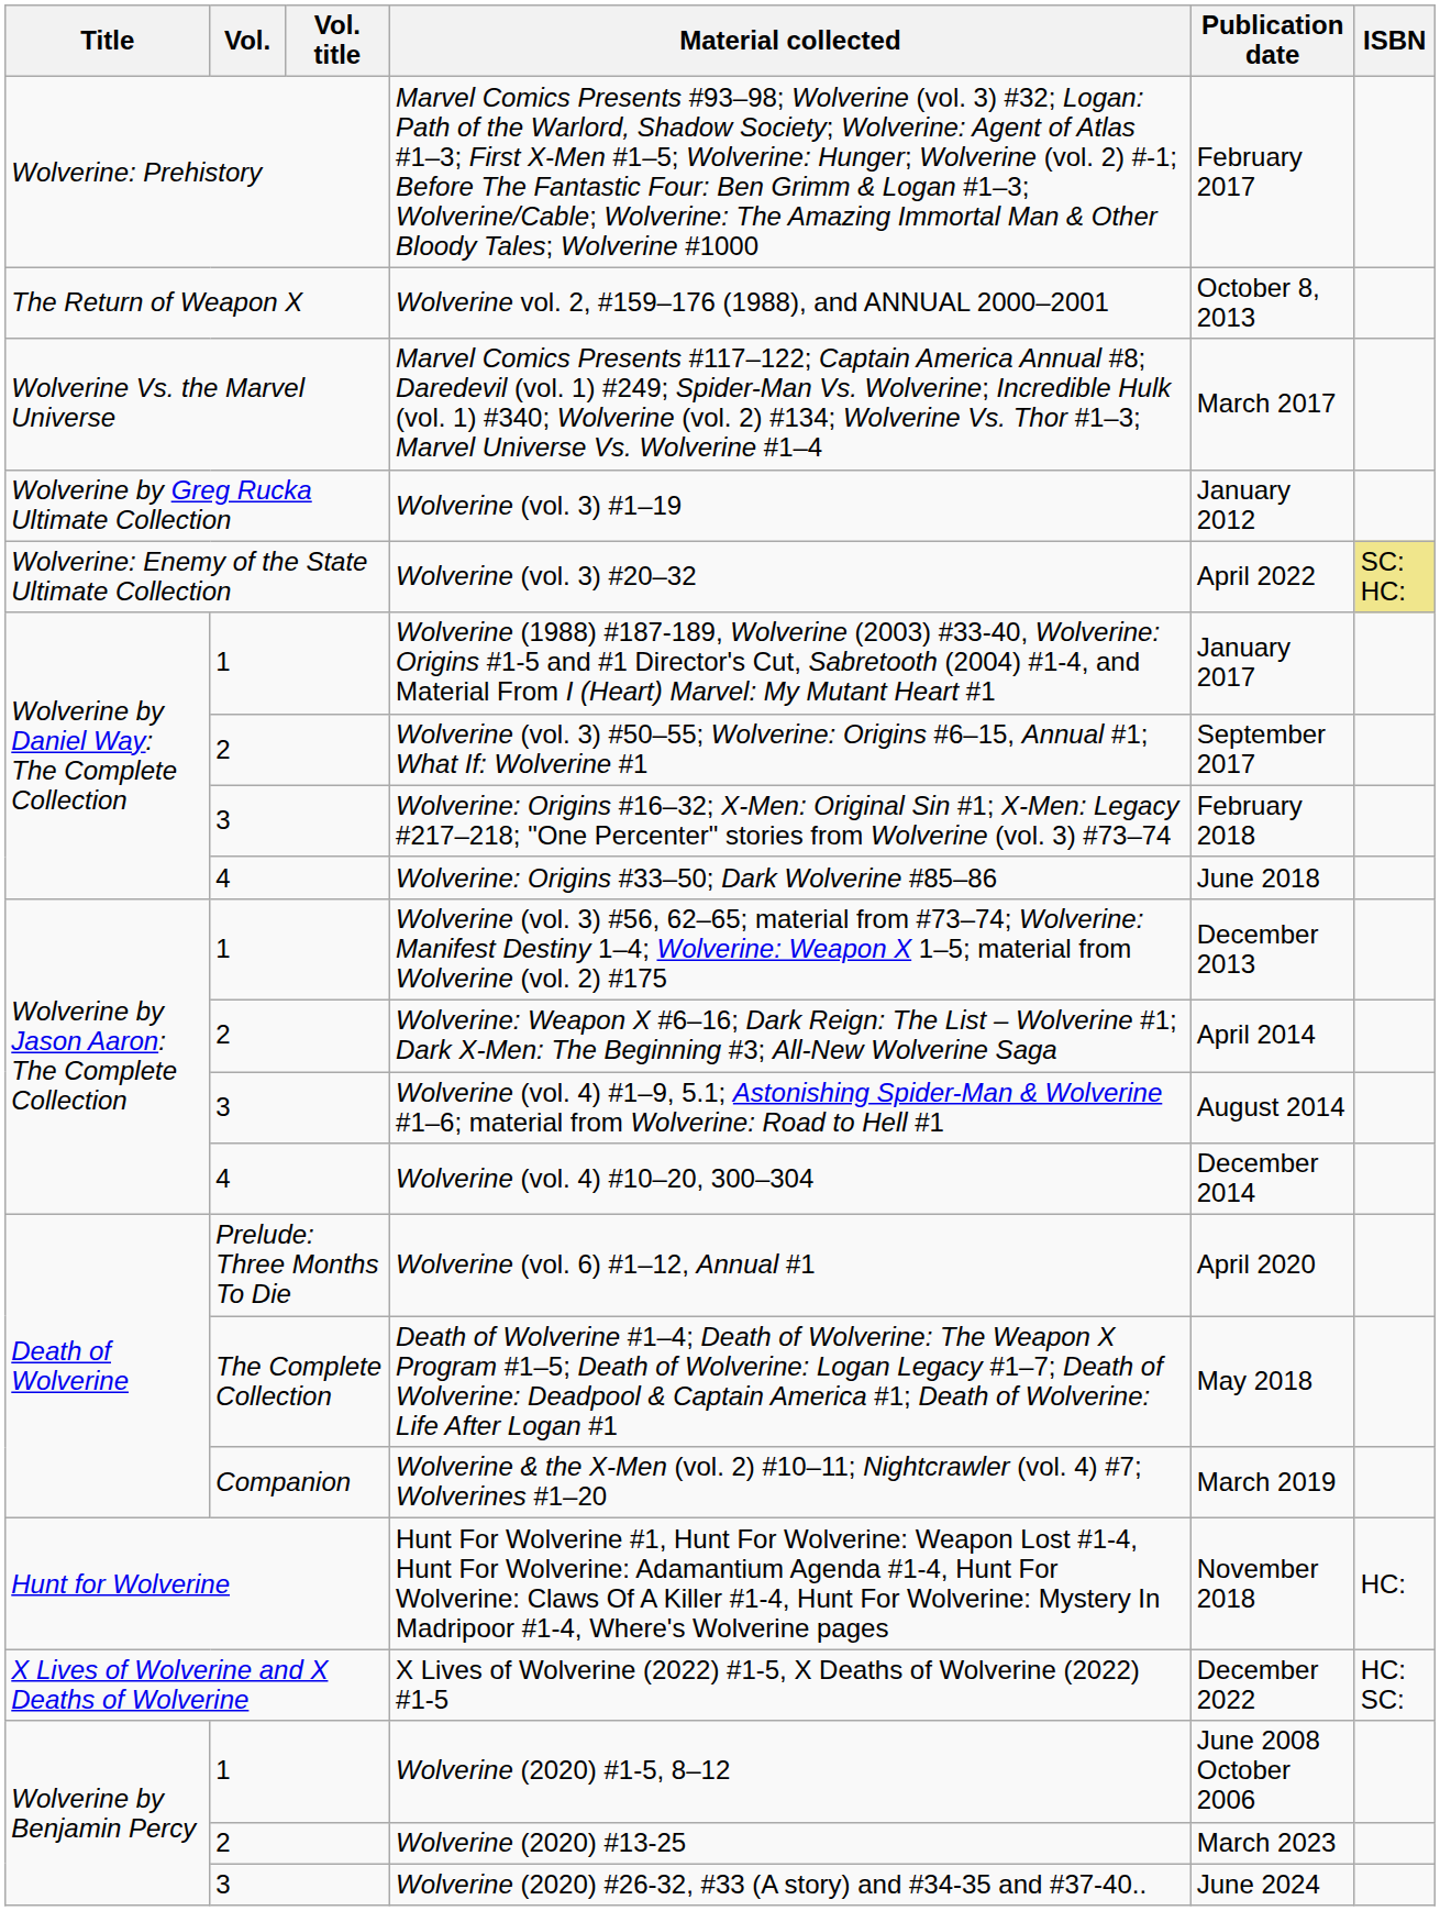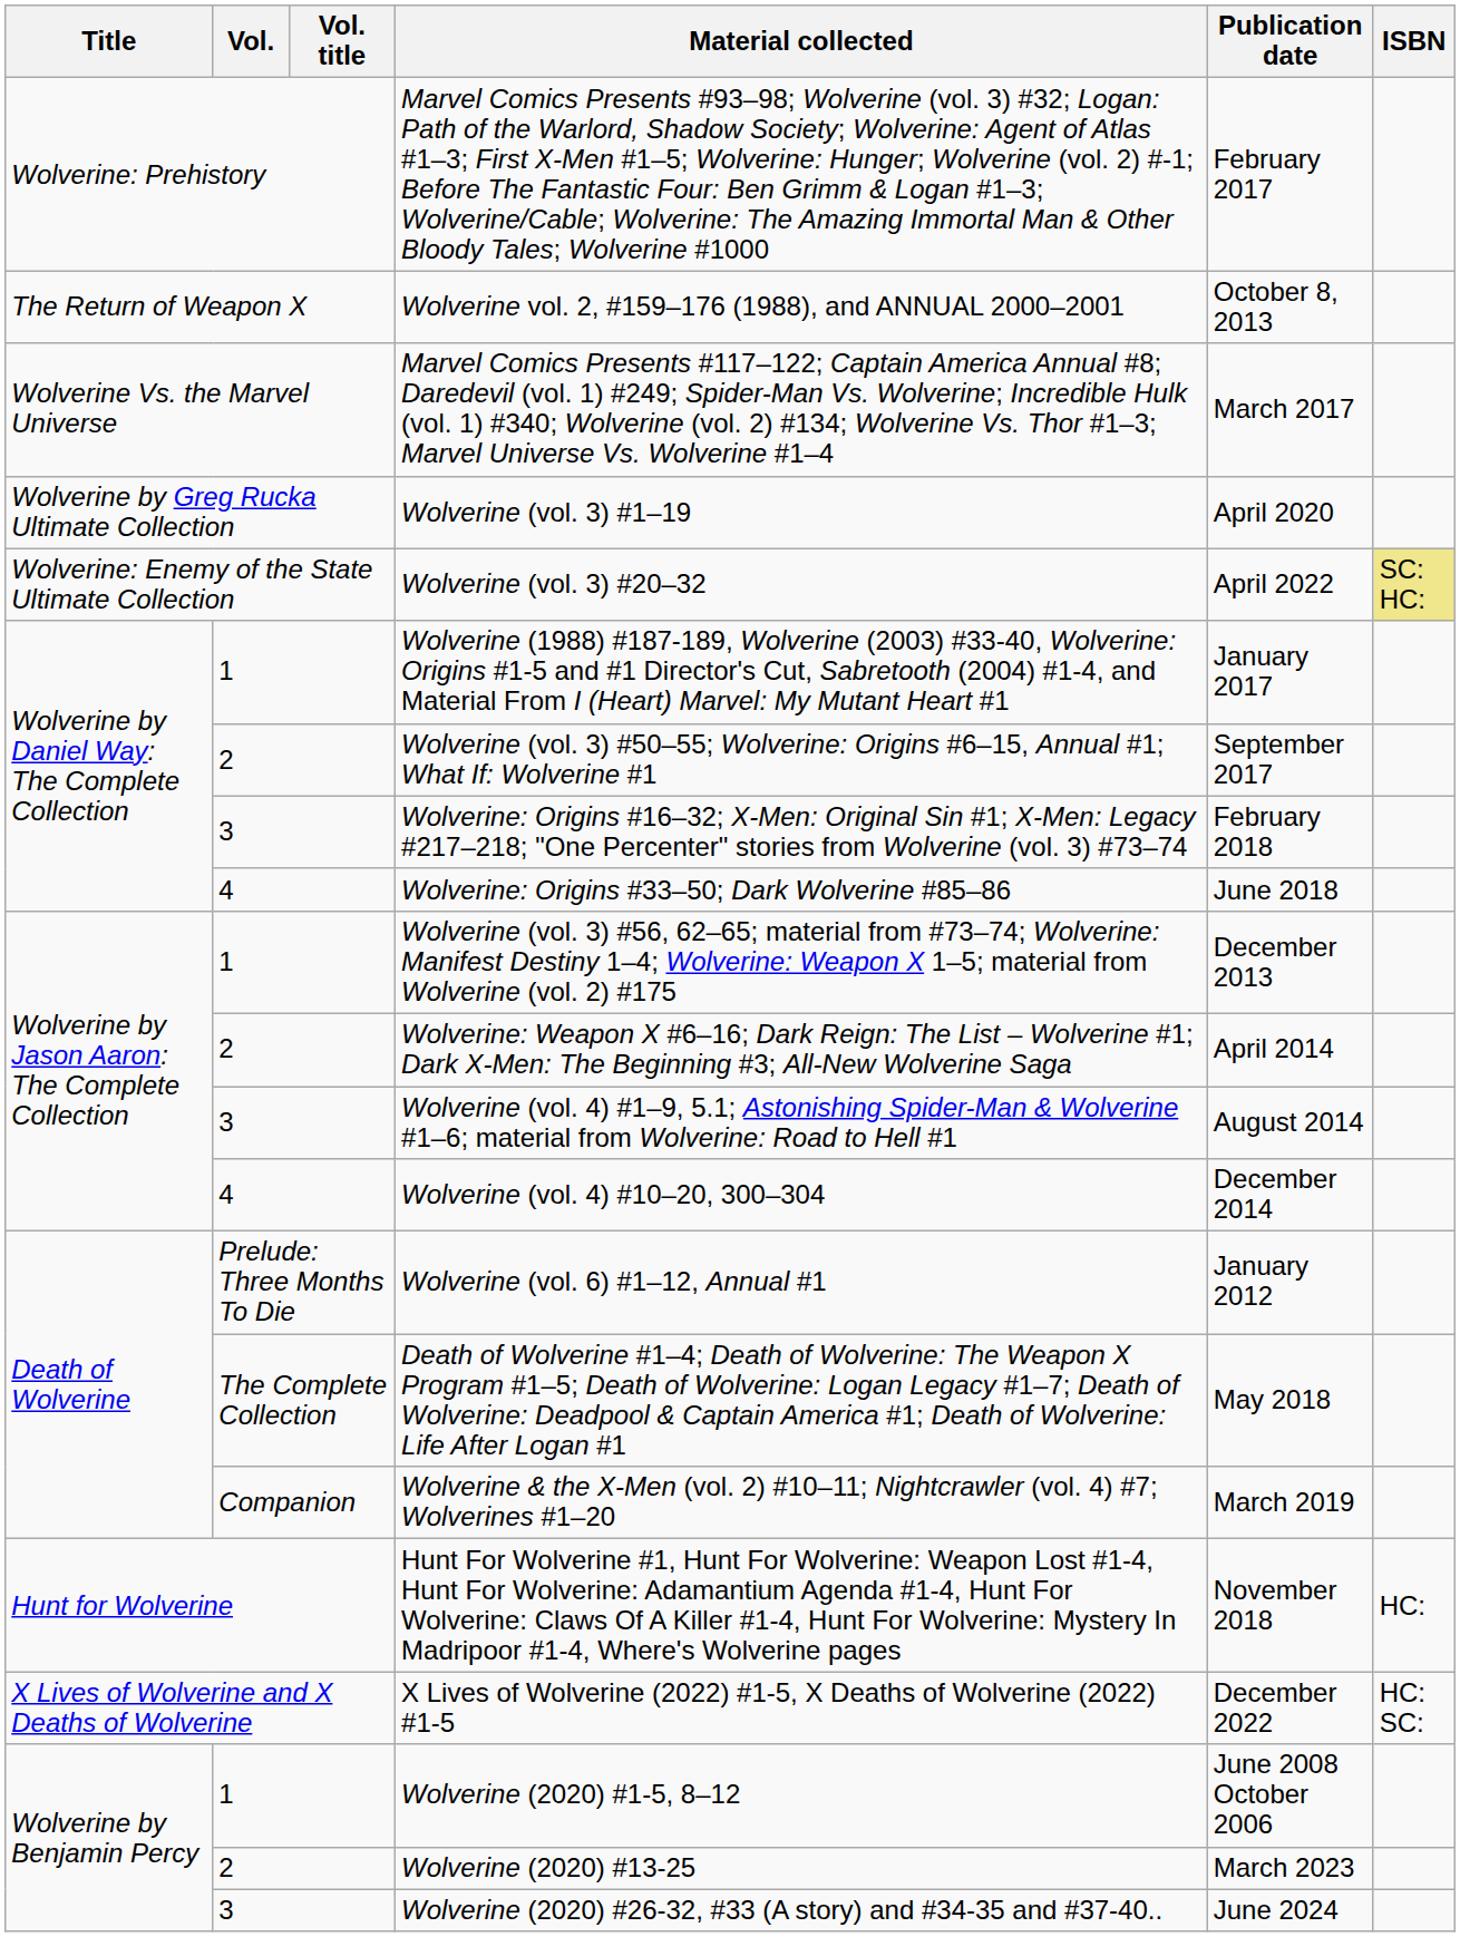 <table class="wikitable">
 <tr>
 <th>Title</th>
 <th>Vol.</th>
 <th>Vol. title</th>
 <th>Material collected</th>
 <th>Publication date</th>
 <th>ISBN</th>
 </tr>
 <tr>
 <td colspan="3"><em>Wolverine: Prehistory</em></td>
 <td><em>Marvel Comics Presents</em> #93–98; <em>Wolverine</em> (vol. 3) #32; <em>Logan: Path of the Warlord, Shadow Society</em>; <em>Wolverine: Agent of Atlas</em> #1–3; <em>First X-Men</em> #1–5; <em>Wolverine: Hunger</em>; <em>Wolverine</em> (vol. 2) #-1; <em>Before The Fantastic Four: Ben Grimm & Logan</em> #1–3; <em>Wolverine/Cable</em>; <em>Wolverine: The Amazing Immortal Man & Other Bloody Tales</em>; <em>Wolverine</em> #1000</td>
 <td>February 2017</td>
 <td></td>
 </tr>
 <tr>
 <td colspan="3"><em>The Return of Weapon X</em></td>
 <td><em>Wolverine</em> vol. 2, #159–176 (1988), and ANNUAL 2000–2001</td>
 <td>October 8, 2013</td>
 <td></td>
 </tr>
 <tr>
 <td colspan="3"><em>Wolverine Vs. the Marvel Universe</em></td>
 <td><em>Marvel Comics Presents</em> #117–122; <em>Captain America Annual</em> #8; <em>Daredevil</em> (vol. 1) #249; <em>Spider-Man Vs. Wolverine</em>; <em>Incredible Hulk</em> (vol. 1) #340; <em>Wolverine</em> (vol. 2) #134; <em>Wolverine Vs. Thor</em> #1–3; <em>Marvel Universe Vs. Wolverine</em> #1–4</td>
 <td>March 2017</td>
 <td></td>
 </tr>
 <tr>
 <td colspan="3"><em>Wolverine by <a href='#'>Greg Rucka</a> Ultimate Collection</em></td>
 <td><em>Wolverine</em> (vol. 3) #1–19</td>
-<td>January 2012</td>
+<td>April 2020</td>
 <td></td>
 </tr>
 <tr>
 <td colspan="3"><em>Wolverine: Enemy of the State Ultimate Collection</em></td>
 <td><em>Wolverine</em> (vol. 3) #20–32</td>
 <td>April 2022</td>
 <td style="background: khaki;">SC: <br>HC: </td>
 </tr>
 <tr>
 <td rowspan="4"><em>Wolverine by <a href='#'>Daniel Way</a>: The Complete Collection</em></td>
 <td colspan="2">1</td>
 <td><em>Wolverine</em> (1988) #187-189, <em>Wolverine</em> (2003) #33-40, <em>Wolverine: Origins</em> #1-5 and #1 Director's Cut, <em>Sabretooth</em> (2004) #1-4, and Material From <em>I (Heart) Marvel: My Mutant Heart</em> #1</td>
 <td>January 2017</td>
 <td></td>
 </tr>
 <tr>
 <td colspan="2">2</td>
 <td><em>Wolverine</em> (vol. 3) #50–55; <em>Wolverine: Origins</em> #6–15, <em>Annual</em> #1; <em>What If: Wolverine</em> #1</td>
 <td>September 2017</td>
 <td></td>
 </tr>
 <tr>
 <td colspan="2">3</td>
 <td><em>Wolverine: Origins</em> #16–32; <em>X-Men: Original Sin</em> #1; <em>X-Men: Legacy</em> #217–218; "One Percenter" stories from <em>Wolverine</em> (vol. 3) #73–74</td>
 <td>February 2018</td>
 <td></td>
 </tr>
 <tr>
 <td colspan="2">4</td>
 <td><em>Wolverine: Origins</em> #33–50; <em>Dark Wolverine</em> #85–86</td>
 <td>June 2018</td>
 <td></td>
 </tr>
 <tr>
 <td rowspan="4"><em>Wolverine by <a href='#'>Jason Aaron</a>: The Complete Collection</em></td>
 <td colspan="2">1</td>
 <td><em>Wolverine</em> (vol. 3) #56, 62–65; material from #73–74; <em>Wolverine: Manifest Destiny</em> 1–4; <em><a href='#'>Wolverine: Weapon X</a></em> 1–5; material from <em>Wolverine</em> (vol. 2) #175</td>
 <td>December 2013</td>
 <td></td>
 </tr>
 <tr>
 <td colspan="2">2</td>
 <td><em>Wolverine: Weapon X</em> #6–16; <em>Dark Reign: The List – Wolverine</em> #1; <em>Dark X-Men: The Beginning</em> #3; <em>All-New Wolverine Saga</em></td>
 <td>April 2014</td>
 <td></td>
 </tr>
 <tr>
 <td colspan="2">3</td>
 <td><em>Wolverine</em> (vol. 4) #1–9, 5.1; <em><a href='#'>Astonishing Spider-Man & Wolverine</a></em> #1–6; material from <em>Wolverine: Road to Hell</em> #1</td>
 <td>August 2014</td>
 <td></td>
 </tr>
 <tr>
 <td colspan="2">4</td>
 <td><em>Wolverine</em> (vol. 4) #10–20, 300–304</td>
 <td>December 2014</td>
 <td></td>
 </tr>
 <tr>
 <td rowspan="3"><em><a href='#'>Death of Wolverine</a></em></td>
 <td colspan="2"><em>Prelude: Three Months To Die</em></td>
 <td><em>Wolverine</em> (vol. 6) #1–12, <em>Annual</em> #1</td>
-<td>April 2020</td>
+<td>January 2012</td>
 <td></td>
 </tr>
 <tr>
 <td colspan="2"><em>The Complete Collection</em></td>
 <td><em>Death of Wolverine</em> #1–4; <em>Death of Wolverine: The Weapon X Program</em> #1–5; <em>Death of Wolverine: Logan Legacy</em> #1–7; <em>Death of Wolverine: Deadpool & Captain America</em> #1; <em>Death of Wolverine: Life After Logan</em> #1</td>
 <td>May 2018</td>
 <td></td>
 </tr>
 <tr>
 <td colspan="2"><em>Companion</em></td>
 <td><em>Wolverine & the X-Men</em> (vol. 2) #10–11; <em>Nightcrawler</em> (vol. 4) #7; <em>Wolverines</em> #1–20</td>
 <td>March 2019</td>
 <td></td>
 </tr>
 <tr>
 <td colspan="3"><em><a href='#'>Hunt for Wolverine</a></em></td>
 <td>Hunt For Wolverine #1, Hunt For Wolverine: Weapon Lost #1-4, Hunt For Wolverine: Adamantium Agenda #1-4, Hunt For Wolverine: Claws Of A Killer #1-4, Hunt For Wolverine: Mystery In Madripoor #1-4, Where's Wolverine pages</td>
 <td>November 2018</td>
 <td>HC: </td>
 </tr>
 <tr>
 <td colspan="3"><em><a href='#'>X Lives of Wolverine and X Deaths of Wolverine</a></em></td>
 <td>X Lives of Wolverine (2022) #1-5, X Deaths of Wolverine (2022) #1-5</td>
 <td>December 2022</td>
 <td>HC:  SC: </td>
 </tr>
 <tr>
 <td rowspan="3"><em>Wolverine by Benjamin Percy</em></td>
 <td colspan="2">1</td>
 <td><em>Wolverine</em> (2020) #1-5, 8–12</td>
 <td>June 2008<br>October 2006</td>
 <td></td>
 </tr>
 <tr>
 <td colspan="2">2</td>
 <td><em>Wolverine</em> (2020) #13-25</td>
 <td>March 2023</td>
 <td></td>
 </tr>
 <tr>
 <td colspan="2">3</td>
 <td><em>Wolverine</em> (2020) #26-32, #33 (A story) and #34-35 and #37-40..</td>
 <td>June 2024</td>
 <td></td>
 </tr>
 </table>
